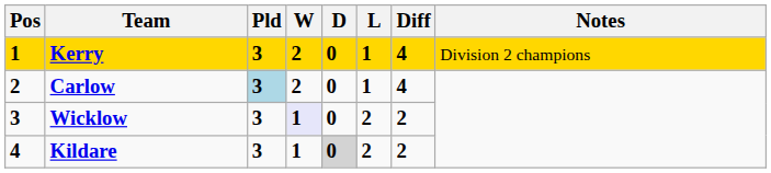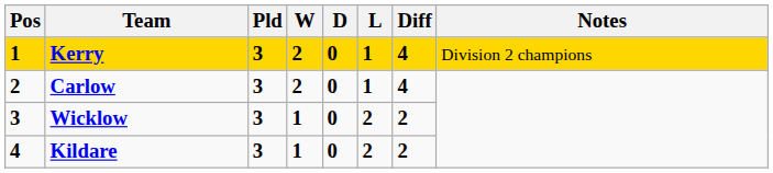 <table class="wikitable" style="text-align: centre;">
 <tr>
 <th width=20>Pos</th>
 <th width=150>Team</th>
 <th width=20>Pld</th>
 <th width=20>W</th>
 <th width=20>D</th>
 <th width=20>L</th>
 <th width=20>Diff</th>
 <th width=250>Notes</th>
 </tr>
 <tr style="background:gold;">
 <td><strong>1</strong></td>
 <td align=left><strong> <a href='#'>Kerry</a> </strong></td>
 <td><strong>3</strong></td>
 <td><strong>2</strong></td>
 <td><strong>0</strong></td>
 <td><strong>1</strong></td>
 <td><strong>4</strong></td>
 <td><small> Division 2 champions</small></td>
 </tr>
 <tr>
 <td><strong>2</strong></td>
 <td align=left><strong> <a href='#'>Carlow</a> </strong></td>
-<td style="background: lightblue;"><strong>3</strong></td>
+<td><strong>3</strong></td>
 <td><strong>2</strong></td>
 <td><strong>0</strong></td>
 <td><strong>1</strong></td>
 <td><strong>4</strong></td>
 </tr>
 <tr>
 <td><strong>3</strong></td>
 <td align=left><strong> <a href='#'>Wicklow</a> </strong></td>
 <td><strong>3</strong></td>
-<td style="background: lavender;"><strong>1</strong></td>
+<td><strong>1</strong></td>
 <td><strong>0</strong></td>
 <td><strong>2</strong></td>
 <td><strong>2</strong></td>
 </tr>
 <tr>
 <td><strong>4</strong></td>
 <td align=left><strong> <a href='#'>Kildare</a> </strong></td>
 <td><strong>3</strong></td>
 <td><strong>1</strong></td>
-<td style="background: lightgrey;"><strong>0</strong></td>
+<td><strong>0</strong></td>
 <td><strong>2</strong></td>
 <td><strong>2</strong></td>
 </tr>
 </table>
